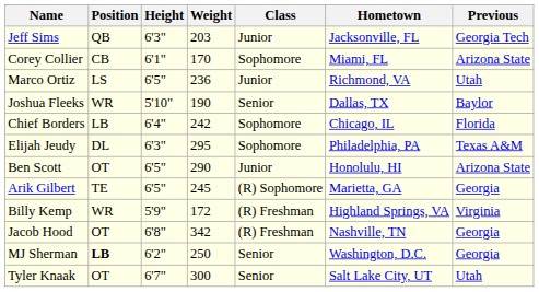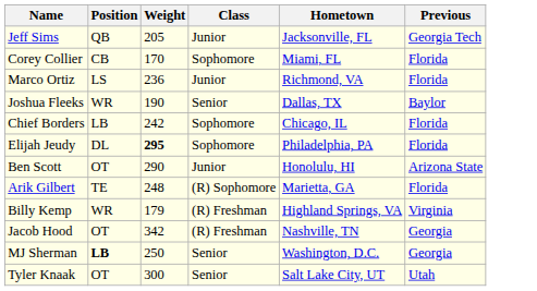 <table class="wikitable sortable">
 <tr>
 <th>Name</th>
 <th>Position</th>
-<th>Height</th>
 <th>Weight</th>
 <th>Class</th>
 <th>Hometown</th>
 <th>Previous</th>
 </tr>
 <tr style="background:#FFFFE6;">
 <td><a href='#'>Jeff Sims</a></td>
 <td>QB</td>
-<td>6'3"</td>
-<td>203</td>
+<td>205</td>
 <td>Junior</td>
 <td><a href='#'>Jacksonville, FL</a></td>
 <td><a href='#'>Georgia Tech</a></td>
 </tr>
 <tr style="background:#FFFFE6;">
 <td>Corey Collier</td>
 <td>CB</td>
-<td>6'1"</td>
 <td>170</td>
 <td>Sophomore</td>
 <td><a href='#'>Miami, FL</a></td>
-<td><a href='#'>Arizona State</a></td>
+<td><a href='#'>Florida</a></td>
 </tr>
 <tr style="background:#FFFFE6;">
 <td>Marco Ortiz</td>
 <td>LS</td>
-<td>6'5"</td>
 <td>236</td>
 <td>Junior</td>
 <td><a href='#'>Richmond, VA</a></td>
-<td><a href='#'>Utah</a></td>
+<td><a href='#'>Florida</a></td>
 </tr>
 <tr style="background:#FFFFE6;">
 <td>Joshua Fleeks</td>
 <td>WR</td>
-<td>5'10"</td>
 <td>190</td>
 <td>Senior</td>
 <td><a href='#'>Dallas, TX</a></td>
 <td><a href='#'>Baylor</a></td>
 </tr>
 <tr style="background:#FFFFE6;">
 <td>Chief Borders</td>
 <td>LB</td>
-<td>6'4"</td>
 <td>242</td>
 <td>Sophomore</td>
 <td><a href='#'>Chicago, IL</a></td>
 <td><a href='#'>Florida</a></td>
 </tr>
 <tr style="background:#FFFFE6;">
 <td>Elijah Jeudy</td>
 <td>DL</td>
-<td>6'3"</td>
-<td>295</td>
+<td><strong>295</strong></td>
 <td>Sophomore</td>
 <td><a href='#'>Philadelphia, PA</a></td>
-<td><a href='#'>Texas A&M</a></td>
+<td><a href='#'>Florida</a></td>
 </tr>
 <tr style="background:#FFFFE6;">
 <td>Ben Scott</td>
 <td>OT</td>
-<td>6'5"</td>
 <td>290</td>
 <td>Junior</td>
 <td><a href='#'>Honolulu, HI</a></td>
 <td><a href='#'>Arizona State</a></td>
 </tr>
 <tr style="background:#FFFFE6;">
 <td><a href='#'>Arik Gilbert</a></td>
 <td>TE</td>
-<td>6'5"</td>
-<td>245</td>
+<td>248</td>
 <td>(R) Sophomore</td>
 <td><a href='#'>Marietta, GA</a></td>
-<td><a href='#'>Georgia</a></td>
+<td><a href='#'>Florida</a></td>
 </tr>
 <tr style="background:#FFFFE6;">
 <td>Billy Kemp</td>
 <td>WR</td>
-<td>5'9"</td>
-<td>172</td>
+<td>179</td>
 <td>(R) Freshman</td>
 <td><a href='#'>Highland Springs, VA</a></td>
 <td><a href='#'>Virginia</a></td>
 </tr>
 <tr style="background:#FFFFE6;">
 <td>Jacob Hood</td>
 <td>OT</td>
-<td>6'8"</td>
 <td>342</td>
 <td>(R) Freshman</td>
 <td><a href='#'>Nashville, TN</a></td>
 <td><a href='#'>Georgia</a></td>
 </tr>
 <tr style="background:#FFFFE6;">
 <td>MJ Sherman</td>
 <td><strong>LB</strong></td>
-<td>6'2"</td>
 <td>250</td>
 <td>Senior</td>
 <td><a href='#'>Washington, D.C.</a></td>
 <td><a href='#'>Georgia</a></td>
 </tr>
 <tr style="background:#FFFFE6;">
 <td>Tyler Knaak</td>
 <td>OT</td>
-<td>6'7"</td>
 <td>300</td>
 <td>Senior</td>
 <td><a href='#'>Salt Lake City, UT</a></td>
 <td><a href='#'>Utah</a></td>
 </tr>
 </table>
